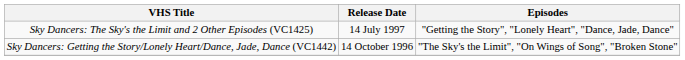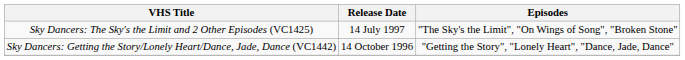 <table class="wikitable">
 <tr>
 <th>VHS Title</th>
 <th>Release Date</th>
 <th>Episodes</th>
 </tr>
 <tr style="text-align:center;">
 <td><em>Sky Dancers: The Sky's the Limit and 2 Other Episodes</em> (VC1425)</td>
 <td>14 July 1997</td>
-<td>"Getting the Story", "Lonely Heart", "Dance, Jade, Dance"</td>
+<td>"The Sky's the Limit", "On Wings of Song", "Broken Stone"</td>
 </tr>
 <tr style="text-align:center;">
 <td><em>Sky Dancers: Getting the Story/Lonely Heart/Dance, Jade, Dance</em> (VC1442)</td>
 <td>14 October 1996</td>
-<td>"The Sky's the Limit", "On Wings of Song", "Broken Stone"</td>
+<td>"Getting the Story", "Lonely Heart", "Dance, Jade, Dance"</td>
 </tr>
 <tr style="text-align:center;">
 </tr>
 </table>
